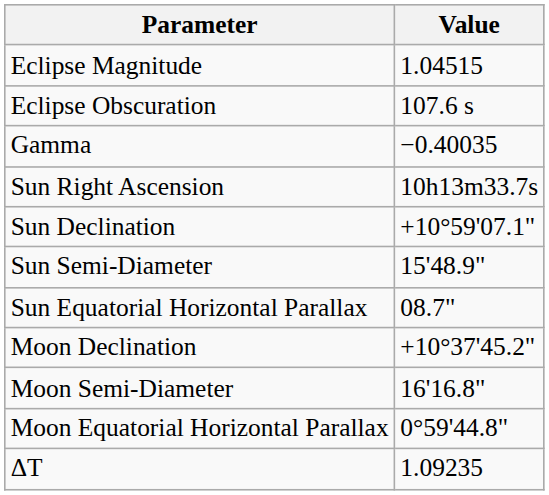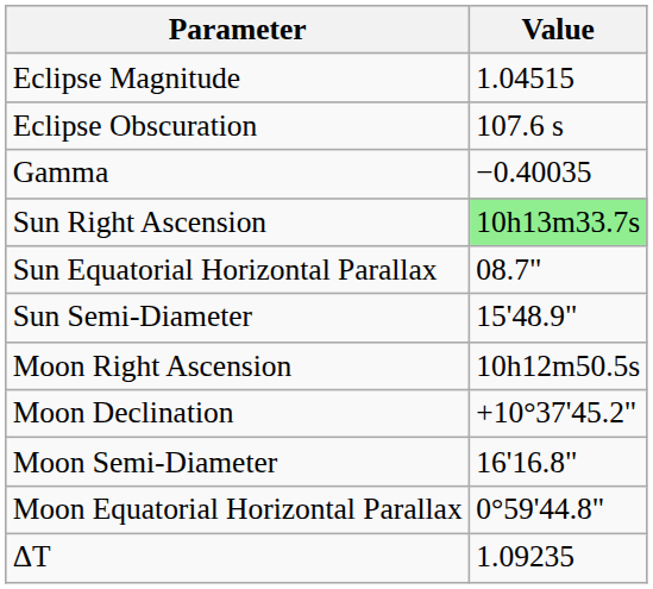 <table class="wikitable">
 <tr>
 <th>Parameter</th>
 <th>Value</th>
 </tr>
 <tr>
 <td>Eclipse Magnitude</td>
 <td>1.04515</td>
 </tr>
 <tr>
 <td>Eclipse Obscuration</td>
 <td>107.6 s</td>
 </tr>
 <tr>
 <td>Gamma</td>
 <td>−0.40035</td>
 </tr>
 <tr>
 <td>Sun Right Ascension</td>
-<td>10h13m33.7s</td>
+<td style="background: lightgreen;">10h13m33.7s</td>
 </tr>
 <tr>
-<td>Sun Declination</td>
-<td>+10°59'07.1"</td>
+<td>Sun Equatorial Horizontal Parallax</td>
+<td>08.7"</td>
 </tr>
 <tr>
 <td>Sun Semi-Diameter</td>
 <td>15'48.9"</td>
 </tr>
 <tr>
-<td>Sun Equatorial Horizontal Parallax</td>
-<td>08.7"</td>
+<td>Moon Right Ascension</td>
+<td>10h12m50.5s</td>
 </tr>
 <tr>
 <td>Moon Declination</td>
 <td>+10°37'45.2"</td>
 </tr>
 <tr>
 <td>Moon Semi-Diameter</td>
 <td>16'16.8"</td>
 </tr>
 <tr>
 <td>Moon Equatorial Horizontal Parallax</td>
 <td>0°59'44.8"</td>
 </tr>
 <tr>
 <td>ΔT</td>
 <td>1.09235</td>
 </tr>
 </table>
